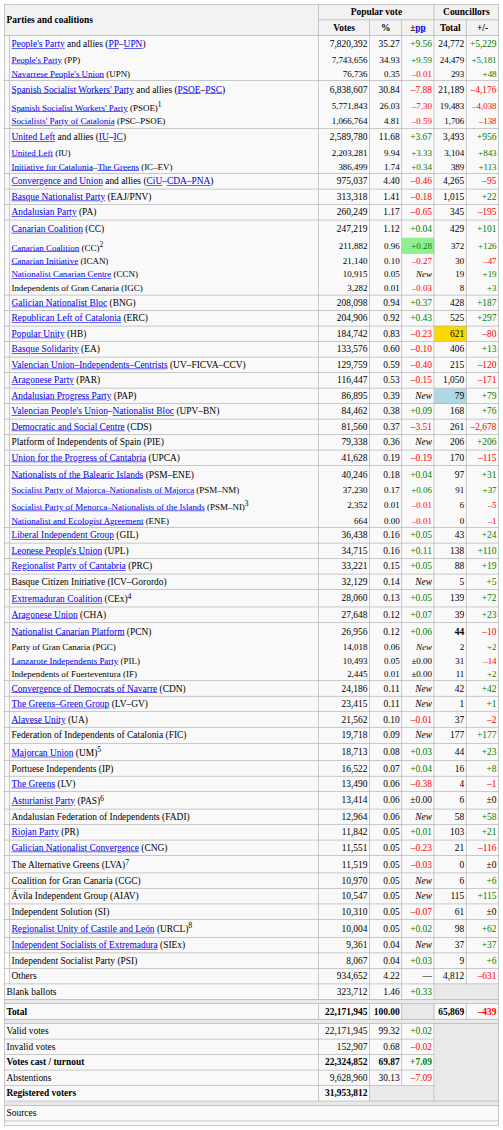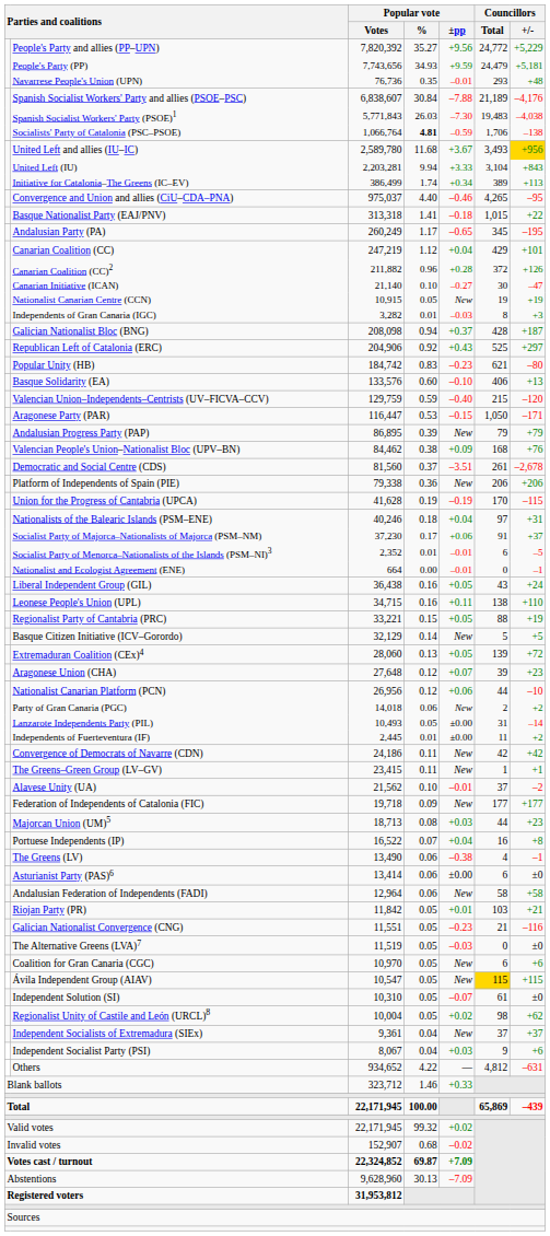 <table class="wikitable" style="text-align:right; font-size:95%;">
 <tr>
 <th style="text-align:left;" rowspan="2" colspan="2" width="500">Parties and coalitions</th>
 <th colspan="3">Popular vote</th>
 <th colspan="2">Councillors</th>
 </tr>
 <tr>
 <th width="75">Votes</th>
 <th width="45">%</th>
 <th width="45">±<a href='#'>pp</a></th>
 <th width="45">Total</th>
 <th width="45">+/-</th>
 </tr>
 <tr style="line-height:22px;">
 <td width="1" rowspan="3"></td>
 <td align="left"><a href='#'>People's Party</a> and allies (<a href='#'>PP</a>–<a href='#'>UPN</a>)</td>
 <td>7,820,392</td>
 <td>35.27</td>
 <td style="color:green;">+9.56</td>
 <td>24,772</td>
 <td style="color:green;">+5,229</td>
 </tr>
 <tr style="font-size:95%; border-bottom-style:hidden; border-top-style:hidden; line-height:16px;">
 <td align="left"><span><a href='#'>People's Party</a> (PP)</span></td>
 <td>7,743,656</td>
 <td>34.93</td>
 <td style="color:green;">+9.59</td>
 <td>24,479</td>
 <td style="color:green;">+5,181</td>
 </tr>
 <tr style="font-size:95%; line-height:16px;">
 <td align="left"><span><a href='#'>Navarrese People's Union</a> (UPN)</span></td>
 <td>76,736</td>
 <td>0.35</td>
 <td style="color:red;">–0.01</td>
 <td>293</td>
 <td style="color:green;">+48</td>
 </tr>
 <tr style="line-height:22px;">
 <td rowspan="3" style="color:inherit;background:"></td>
 <td align="left"><a href='#'>Spanish Socialist Workers' Party</a> and allies (<a href='#'>PSOE</a>–<a href='#'>PSC</a>)</td>
 <td>6,838,607</td>
 <td>30.84</td>
 <td style="color:red;">–7.88</td>
 <td>21,189</td>
 <td style="color:red;">–4,176</td>
 </tr>
 <tr style="font-size:95%; border-bottom-style:hidden; border-top-style:hidden; line-height:16px;">
 <td align="left"><span><a href='#'>Spanish Socialist Workers' Party</a> (PSOE)<sup>1</sup></span></td>
 <td>5,771,843</td>
 <td>26.03</td>
 <td style="color:red;">–7.30</td>
 <td>19,483</td>
 <td style="color:red;">–4,038</td>
 </tr>
 <tr style="font-size:95%; line-height:16px;">
 <td align="left"><span><a href='#'>Socialists' Party of Catalonia</a> (PSC–PSOE)</span></td>
 <td>1,066,764</td>
-<td>4.81</td>
+<td><strong>4.81</strong></td>
 <td style="color:red;">–0.59</td>
 <td>1,706</td>
 <td style="color:red;">–138</td>
 </tr>
 <tr style="line-height:22px;">
 <td rowspan="3" style="color:inherit;background:"></td>
 <td align="left"><a href='#'>United Left</a> and allies (<a href='#'>IU</a>–<a href='#'>IC</a>)</td>
 <td>2,589,780</td>
 <td>11.68</td>
 <td style="color:green;">+3.67</td>
 <td>3,493</td>
-<td style="color:green;">+956</td>
+<td style="background: gold; color:green;">+956</td>
 </tr>
 <tr style="font-size:95%; border-bottom-style:hidden; border-top-style:hidden; line-height:16px;">
 <td align="left"><span><a href='#'>United Left</a> (IU)</span></td>
 <td>2,203,281</td>
 <td>9.94</td>
 <td style="color:green;">+3.33</td>
 <td>3,104</td>
 <td style="color:green;">+843</td>
 </tr>
 <tr style="font-size:95%; line-height:16px;">
 <td align="left"><span><a href='#'>Initiative for Catalonia</a>–<a href='#'>The Greens</a> (IC–EV)</span></td>
 <td>386,499</td>
 <td>1.74</td>
 <td style="color:green;">+0.34</td>
 <td>389</td>
 <td style="color:green;">+113</td>
 </tr>
 <tr>
 <td style="color:inherit;background:"></td>
 <td align="left"><a href='#'>Convergence and Union</a> and allies (<a href='#'>CiU</a>–<a href='#'>CDA–PNA</a>)</td>
 <td>975,037</td>
 <td>4.40</td>
 <td style="color:red;">–0.46</td>
 <td>4,265</td>
 <td style="color:red;">–95</td>
 </tr>
 <tr>
 <td style="color:inherit;background:"></td>
 <td align="left"><a href='#'>Basque Nationalist Party</a> (EAJ/PNV)</td>
 <td>313,318</td>
 <td>1.41</td>
 <td style="color:red;">–0.18</td>
 <td>1,015</td>
 <td style="color:green;">+22</td>
 </tr>
 <tr>
 <td style="color:inherit;background:"></td>
 <td align="left"><a href='#'>Andalusian Party</a> (PA)</td>
 <td>260,249</td>
 <td>1.17</td>
 <td style="color:red;">–0.65</td>
 <td>345</td>
 <td style="color:red;">–195</td>
 </tr>
 <tr style="line-height:22px;">
 <td rowspan="5" style="color:inherit;background:"></td>
 <td align="left"><a href='#'>Canarian Coalition</a> (CC)</td>
 <td>247,219</td>
 <td>1.12</td>
 <td style="color:green;">+0.04</td>
 <td>429</td>
 <td style="color:green;">+101</td>
 </tr>
 <tr style="font-size:95%; border-bottom-style:hidden; border-top-style:hidden; line-height:16px;">
 <td align="left"><span><a href='#'>Canarian Coalition</a> (CC)<sup>2</sup></span></td>
 <td>211,882</td>
 <td>0.96</td>
-<td style="background: lightgreen; color:green;">+0.28</td>
+<td style="color:green;">+0.28</td>
 <td>372</td>
 <td style="color:green;">+126</td>
 </tr>
 <tr style="font-size:95%; border-bottom-style:hidden; line-height:16px;">
 <td align="left"><span><a href='#'>Canarian Initiative</a> (ICAN)</span></td>
 <td>21,140</td>
 <td>0.10</td>
 <td style="color:red;">–0.27</td>
 <td>30</td>
 <td style="color:red;">–47</td>
 </tr>
 <tr style="font-size:95%; border-bottom-style:hidden; line-height:16px;">
 <td align="left"><span><a href='#'>Nationalist Canarian Centre</a> (CCN)</span></td>
 <td>10,915</td>
 <td>0.05</td>
 <td><em>New</em></td>
 <td>19</td>
 <td style="color:green;">+19</td>
 </tr>
 <tr style="font-size:95%; line-height:16px;">
 <td align="left"><span>Independents of Gran Canaria (IGC)</span></td>
 <td>3,282</td>
 <td>0.01</td>
 <td style="color:red;">–0.03</td>
 <td>8</td>
 <td style="color:green;">+3</td>
 </tr>
 <tr>
 <td style="color:inherit;background:"></td>
 <td align="left"><a href='#'>Galician Nationalist Bloc</a> (BNG)</td>
 <td>208,098</td>
 <td>0.94</td>
 <td style="color:green;">+0.37</td>
 <td>428</td>
 <td style="color:green;">+187</td>
 </tr>
 <tr>
 <td style="color:inherit;background:"></td>
 <td align="left"><a href='#'>Republican Left of Catalonia</a> (ERC)</td>
 <td>204,906</td>
 <td>0.92</td>
 <td style="color:green;">+0.43</td>
 <td>525</td>
 <td style="color:green;">+297</td>
 </tr>
 <tr>
 <td style="color:inherit;background:"></td>
 <td align="left"><a href='#'>Popular Unity</a> (HB)</td>
 <td>184,742</td>
 <td>0.83</td>
 <td style="color:red;">–0.23</td>
-<td style="background: gold;">621</td>
+<td>621</td>
 <td style="color:red;">–80</td>
 </tr>
 <tr>
 <td style="color:inherit;background:"></td>
 <td align="left"><a href='#'>Basque Solidarity</a> (EA)</td>
 <td>133,576</td>
 <td>0.60</td>
 <td style="color:red;">–0.10</td>
 <td>406</td>
 <td style="color:green;">+13</td>
 </tr>
 <tr>
 <td style="color:inherit;background:"></td>
 <td align="left"><a href='#'>Valencian Union–Independents–Centrists</a> (UV–FICVA–CCV)</td>
 <td>129,759</td>
 <td>0.59</td>
 <td style="color:red;">–0.40</td>
 <td>215</td>
 <td style="color:red;">–120</td>
 </tr>
 <tr>
 <td style="color:inherit;background:"></td>
 <td align="left"><a href='#'>Aragonese Party</a> (PAR)</td>
 <td>116,447</td>
 <td>0.53</td>
 <td style="color:red;">–0.15</td>
 <td>1,050</td>
 <td style="color:red;">–171</td>
 </tr>
 <tr>
 <td style="color:inherit;background:"></td>
 <td align="left"><a href='#'>Andalusian Progress Party</a> (PAP)</td>
 <td>86,895</td>
 <td>0.39</td>
 <td><em>New</em></td>
-<td style="background: lightblue;">79</td>
+<td>79</td>
 <td style="color:green;">+79</td>
 </tr>
 <tr>
 <td style="color:inherit;background:"></td>
 <td align="left"><a href='#'>Valencian People's Union</a>–<a href='#'>Nationalist Bloc</a> (UPV–BN)</td>
 <td>84,462</td>
 <td>0.38</td>
 <td style="color:green;">+0.09</td>
 <td>168</td>
 <td style="color:green;">+76</td>
 </tr>
 <tr>
 <td style="color:inherit;background:"></td>
 <td align="left"><a href='#'>Democratic and Social Centre</a> (CDS)</td>
 <td>81,560</td>
 <td>0.37</td>
 <td style="color:red;">–3.51</td>
 <td>261</td>
 <td style="color:red;">–2,678</td>
 </tr>
 <tr>
 <td style="color:inherit;background:"></td>
 <td align="left">Platform of Independents of Spain (PIE)</td>
 <td>79,338</td>
 <td>0.36</td>
 <td><em>New</em></td>
 <td>206</td>
 <td style="color:green;">+206</td>
 </tr>
 <tr>
 <td style="color:inherit;background:"></td>
 <td align="left"><a href='#'>Union for the Progress of Cantabria</a> (UPCA)</td>
 <td>41,628</td>
 <td>0.19</td>
 <td style="color:red;">–0.19</td>
 <td>170</td>
 <td style="color:red;">–115</td>
 </tr>
 <tr style="line-height:22px;">
 <td rowspan="4" style="color:inherit;background:"></td>
 <td align="left"><a href='#'>Nationalists of the Balearic Islands</a> (PSM–ENE)</td>
 <td>40,246</td>
 <td>0.18</td>
 <td style="color:green;">+0.04</td>
 <td>97</td>
 <td style="color:green;">+31</td>
 </tr>
 <tr style="font-size:95%; border-bottom-style:hidden; border-top-style:hidden; line-height:16px;">
 <td align="left"><span><a href='#'>Socialist Party of Majorca–Nationalists of Majorca</a> (PSM–NM)</span></td>
 <td>37,230</td>
 <td>0.17</td>
 <td style="color:green;">+0.06</td>
 <td>91</td>
 <td style="color:green;">+37</td>
 </tr>
 <tr style="font-size:95%; border-bottom-style:hidden; line-height:16px;">
 <td align="left"><span><a href='#'>Socialist Party of Menorca–Nationalists of the Islands</a> (PSM–NI)<sup>3</sup></span></td>
 <td>2,352</td>
 <td>0.01</td>
 <td style="color:red;">–0.01</td>
 <td>6</td>
 <td style="color:red;">–5</td>
 </tr>
 <tr style="font-size:95%; line-height:16px;">
 <td align="left"><span><a href='#'>Nationalist and Ecologist Agreement</a> (ENE)</span></td>
 <td>664</td>
 <td>0.00</td>
 <td style="color:red;">–0.01</td>
 <td>0</td>
 <td style="color:red;">–1</td>
 </tr>
 <tr>
 <td style="color:inherit;background:"></td>
 <td align="left"><a href='#'>Liberal Independent Group</a> (GIL)</td>
 <td>36,438</td>
 <td>0.16</td>
 <td style="color:green;">+0.05</td>
 <td>43</td>
 <td style="color:green;">+24</td>
 </tr>
 <tr>
 <td style="color:inherit;background:"></td>
 <td align="left"><a href='#'>Leonese People's Union</a> (UPL)</td>
 <td>34,715</td>
 <td>0.16</td>
 <td style="color:green;">+0.11</td>
 <td>138</td>
 <td style="color:green;">+110</td>
 </tr>
 <tr>
 <td style="color:inherit;background:"></td>
 <td align="left"><a href='#'>Regionalist Party of Cantabria</a> (PRC)</td>
 <td>33,221</td>
 <td>0.15</td>
 <td style="color:green;">+0.05</td>
 <td>88</td>
 <td style="color:green;">+19</td>
 </tr>
 <tr>
 <td style="color:inherit;background:"></td>
 <td align="left">Basque Citizen Initiative (ICV–Gorordo)</td>
 <td>32,129</td>
 <td>0.14</td>
 <td><em>New</em></td>
 <td>5</td>
 <td style="color:green;">+5</td>
 </tr>
 <tr>
 <td style="color:inherit;background:"></td>
 <td align="left"><a href='#'>Extremaduran Coalition</a> (CEx)<sup>4</sup></td>
 <td>28,060</td>
 <td>0.13</td>
 <td style="color:green;">+0.05</td>
 <td>139</td>
 <td style="color:green;">+72</td>
 </tr>
 <tr>
 <td style="color:inherit;background:"></td>
 <td align="left"><a href='#'>Aragonese Union</a> (CHA)</td>
 <td>27,648</td>
 <td>0.12</td>
 <td style="color:green;">+0.07</td>
 <td>39</td>
 <td style="color:green;">+23</td>
 </tr>
 <tr style="line-height:22px;">
 <td rowspan="4" style="color:inherit;background:"></td>
 <td align="left"><a href='#'>Nationalist Canarian Platform</a> (PCN)</td>
 <td>26,956</td>
 <td>0.12</td>
 <td style="color:green;">+0.06</td>
-<td><strong>44</strong></td>
+<td>44</td>
 <td style="color:red;">–10</td>
 </tr>
 <tr style="font-size:95%; border-bottom-style:hidden; border-top-style:hidden; line-height:16px;">
 <td align="left"><span>Party of Gran Canaria (PGC)</span></td>
 <td>14,018</td>
 <td>0.06</td>
 <td><em>New</em></td>
 <td>2</td>
 <td style="color:green;">+2</td>
 </tr>
 <tr style="font-size:95%; border-bottom-style:hidden; line-height:16px;">
 <td align="left"><span><a href='#'>Lanzarote Independents Party</a> (PIL)</span></td>
 <td>10,493</td>
 <td>0.05</td>
 <td>±0.00</td>
 <td>31</td>
 <td style="color:red;">–14</td>
 </tr>
 <tr style="font-size:95%; line-height:16px;">
 <td align="left"><span>Independents of Fuerteventura (IF)</span></td>
 <td>2,445</td>
 <td>0.01</td>
 <td>±0.00</td>
 <td>11</td>
 <td style="color:green;">+2</td>
 </tr>
 <tr>
 <td style="color:inherit;background:"></td>
 <td align="left"><a href='#'>Convergence of Democrats of Navarre</a> (CDN)</td>
 <td>24,186</td>
 <td>0.11</td>
 <td><em>New</em></td>
 <td>42</td>
 <td style="color:green;">+42</td>
 </tr>
 <tr>
 <td style="color:inherit;background:"></td>
 <td align="left"><a href='#'>The Greens–Green Group</a> (LV–GV)</td>
 <td>23,415</td>
 <td>0.11</td>
 <td><em>New</em></td>
 <td>1</td>
 <td style="color:green;">+1</td>
 </tr>
 <tr>
 <td style="color:inherit;background:"></td>
 <td align="left"><a href='#'>Alavese Unity</a> (UA)</td>
 <td>21,562</td>
 <td>0.10</td>
 <td style="color:red;">–0.01</td>
 <td>37</td>
 <td style="color:red;">–2</td>
 </tr>
 <tr>
 <td style="color:inherit;background:"></td>
 <td align="left">Federation of Independents of Catalonia (FIC)</td>
 <td>19,718</td>
 <td>0.09</td>
 <td><em>New</em></td>
 <td>177</td>
 <td style="color:green;">+177</td>
 </tr>
 <tr>
 <td style="color:inherit;background:"></td>
 <td align="left"><a href='#'>Majorcan Union</a> (UM)<sup>5</sup></td>
 <td>18,713</td>
 <td>0.08</td>
 <td style="color:green;">+0.03</td>
 <td>44</td>
 <td style="color:green;">+23</td>
 </tr>
 <tr>
 <td style="color:inherit;background:"></td>
 <td align="left">Portuese Independents (IP)</td>
 <td>16,522</td>
 <td>0.07</td>
 <td style="color:green;">+0.04</td>
 <td>16</td>
 <td style="color:green;">+8</td>
 </tr>
 <tr>
 <td style="color:inherit;background:"></td>
 <td align="left"><a href='#'>The Greens</a> (LV)</td>
 <td>13,490</td>
 <td>0.06</td>
 <td style="color:red;">–0.38</td>
 <td>4</td>
 <td style="color:red;">–1</td>
 </tr>
 <tr>
 <td style="color:inherit;background:"></td>
 <td align="left"><a href='#'>Asturianist Party</a> (PAS)<sup>6</sup></td>
 <td>13,414</td>
 <td>0.06</td>
 <td>±0.00</td>
 <td>6</td>
 <td>±0</td>
 </tr>
 <tr>
 <td style="color:inherit;background:"></td>
 <td align="left">Andalusian Federation of Independents (FADI)</td>
 <td>12,964</td>
 <td>0.06</td>
 <td><em>New</em></td>
 <td>58</td>
 <td style="color:green;">+58</td>
 </tr>
 <tr>
 <td style="color:inherit;background:"></td>
 <td align="left"><a href='#'>Riojan Party</a> (PR)</td>
 <td>11,842</td>
 <td>0.05</td>
 <td style="color:green;">+0.01</td>
 <td>103</td>
 <td style="color:green;">+21</td>
 </tr>
 <tr>
 <td style="color:inherit;background:"></td>
 <td align="left"><a href='#'>Galician Nationalist Convergence</a> (CNG)</td>
 <td>11,551</td>
 <td>0.05</td>
 <td style="color:red;">–0.23</td>
 <td>21</td>
 <td style="color:red;">–116</td>
 </tr>
 <tr>
 <td style="color:inherit;background:"></td>
 <td align="left">The Alternative Greens (LVA)<sup>7</sup></td>
 <td>11,519</td>
 <td>0.05</td>
 <td style="color:red;">–0.03</td>
 <td>0</td>
 <td>±0</td>
 </tr>
 <tr>
 <td style="color:inherit;background:"></td>
 <td align="left">Coalition for Gran Canaria (CGC)</td>
 <td>10,970</td>
 <td>0.05</td>
 <td><em>New</em></td>
 <td>6</td>
 <td style="color:green;">+6</td>
 </tr>
 <tr>
 <td bgcolor="white"></td>
 <td align="left">Ávila Independent Group (AIAV)</td>
 <td>10,547</td>
 <td>0.05</td>
 <td><em>New</em></td>
-<td>115</td>
+<td style="background: gold;">115</td>
 <td style="color:green;">+115</td>
 </tr>
 <tr>
 <td style="color:inherit;background:"></td>
 <td align="left">Independent Solution (SI)</td>
 <td>10,310</td>
 <td>0.05</td>
 <td style="color:red;">–0.07</td>
 <td>61</td>
 <td>±0</td>
 </tr>
 <tr>
 <td style="color:inherit;background:"></td>
 <td align="left"><a href='#'>Regionalist Unity of Castile and León</a> (URCL)<sup>8</sup></td>
 <td>10,004</td>
 <td>0.05</td>
 <td style="color:green;">+0.02</td>
 <td>98</td>
 <td style="color:green;">+62</td>
 </tr>
 <tr>
 <td style="color:inherit;background:"></td>
 <td align="left"><a href='#'>Independent Socialists of Extremadura</a> (SIEx)</td>
 <td>9,361</td>
 <td>0.04</td>
 <td><em>New</em></td>
 <td>37</td>
 <td style="color:green;">+37</td>
 </tr>
 <tr>
 <td bgcolor="white"></td>
 <td align="left">Independent Socialist Party (PSI)</td>
 <td>8,067</td>
 <td>0.04</td>
 <td style="color:green;">+0.03</td>
 <td>9</td>
 <td style="color:green;">+6</td>
 </tr>
 <tr>
 <td bgcolor="white"></td>
 <td align="left">Others</td>
 <td>934,652</td>
 <td>4.22</td>
 <td>—</td>
 <td>4,812</td>
 <td style="color:red;">–631</td>
 </tr>
 <tr>
 <td align="left" colspan="2">Blank ballots</td>
 <td>323,712</td>
 <td>1.46</td>
 <td style="color:green;">+0.33</td>
 <td bgcolor="#E9E9E9" colspan="2"></td>
 </tr>
 <tr>
 <td colspan="7" bgcolor="#E9E9E9"></td>
 </tr>
 <tr style="font-weight:bold;">
 <td align="left" colspan="2">Total</td>
 <td>22,171,945</td>
 <td>100.00</td>
 <td bgcolor="#E9E9E9"></td>
 <td>65,869</td>
 <td style="color:red;">–439</td>
 </tr>
 <tr>
 <td colspan="7" bgcolor="#E9E9E9"></td>
 </tr>
 <tr>
 <td align="left" colspan="2">Valid votes</td>
 <td>22,171,945</td>
 <td>99.32</td>
 <td style="color:green;">+0.02</td>
 <td bgcolor="#E9E9E9" colspan="2" rowspan="5"></td>
 </tr>
 <tr>
 <td align="left" colspan="2">Invalid votes</td>
 <td>152,907</td>
 <td>0.68</td>
 <td style="color:red;">–0.02</td>
 </tr>
 <tr style="font-weight:bold;">
 <td align="left" colspan="2">Votes cast / turnout</td>
 <td>22,324,852</td>
 <td>69.87</td>
 <td style="color:green;">+7.09</td>
 </tr>
 <tr>
 <td align="left" colspan="2">Abstentions</td>
 <td>9,628,960</td>
 <td>30.13</td>
 <td style="color:red;">–7.09</td>
 </tr>
 <tr style="font-weight:bold;">
 <td align="left" colspan="2">Registered voters</td>
 <td>31,953,812</td>
 <td bgcolor="#E9E9E9" colspan="2"></td>
 </tr>
 <tr>
 <td colspan="7" bgcolor="#E9E9E9"></td>
 </tr>
 <tr>
 <td align="left" colspan="7">Sources</td>
 </tr>
 <tr>
 <td colspan="7" style="text-align:left; font-size:95%; max-width:790px;"></td>
 </tr>
 </table>
